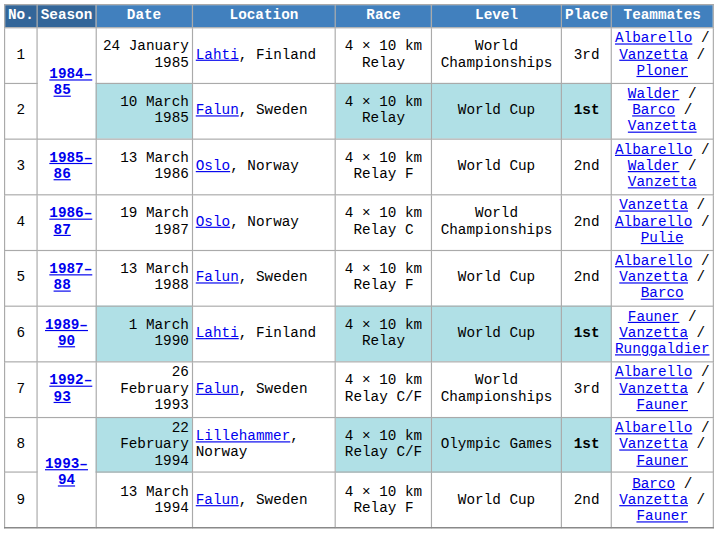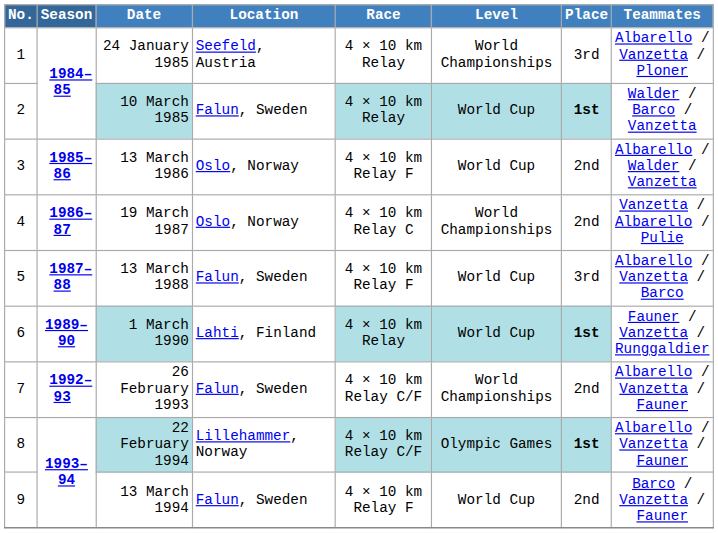 <table class="wikitable sortable" style="font-size:95%; text-align:center; border:grey solid 1px; border-collapse:collapse; background:#ffffff;">
 <tr style="background:#efefef;">
 <th style="background-color:#369; color:white;">No.</th>
 <th style="background-color:#369; color:white;">Season</th>
 <th style="background-color:#4180be; color:white; width:120px;">Date</th>
 <th style="background-color:#4180be; color:white; width:185px;">Location</th>
 <th style="background-color:#4180be; color:white; width:170px;">Race</th>
 <th style="background-color:#4180be; color:white; width:130px;">Level</th>
 <th style="background-color:#4180be; color:white;">Place</th>
 <th style="background-color:#4180be; color:white;">Teammates</th>
 </tr>
 <tr>
 <td align=center>1</td>
 <td rowspan=2 align=center><strong> <a href='#'>1984–85</a> </strong></td>
 <td align=right>24 January 1985</td>
-<td align=left> <a href='#'>Lahti</a>, Finland</td>
+<td align=left> <a href='#'>Seefeld</a>, Austria</td>
 <td>4 × 10 km Relay</td>
 <td>World Championships</td>
 <td>3rd</td>
 <td><a href='#'>Albarello</a> / <a href='#'>Vanzetta</a> / <a href='#'>Ploner</a></td>
 </tr>
 <tr>
 <td align=center>2</td>
 <td bgcolor="#BOEOE6" align=right>10 March 1985</td>
 <td align=left> <a href='#'>Falun</a>, Sweden</td>
 <td bgcolor="#BOEOE6">4 × 10 km Relay</td>
 <td bgcolor="#BOEOE6">World Cup</td>
 <td bgcolor="#BOEOE6"><strong>1st</strong></td>
 <td><a href='#'>Walder</a> / <a href='#'>Barco</a> / <a href='#'>Vanzetta</a></td>
 </tr>
 <tr>
 <td align=center>3</td>
 <td rowspan=1 align=center><strong> <a href='#'>1985–86</a> </strong></td>
 <td align=right>13 March 1986</td>
 <td align=left> <a href='#'>Oslo</a>, Norway</td>
 <td>4 × 10 km Relay F</td>
 <td>World Cup</td>
 <td>2nd</td>
 <td><a href='#'>Albarello</a> /  <a href='#'>Walder</a> / <a href='#'>Vanzetta</a></td>
 </tr>
 <tr>
 <td align=center>4</td>
 <td rowspan=1 align=center><strong> <a href='#'>1986–87</a> </strong></td>
 <td align=right>19 March 1987</td>
 <td align=left> <a href='#'>Oslo</a>, Norway</td>
 <td>4 × 10 km Relay C</td>
 <td>World Championships</td>
 <td>2nd</td>
 <td><a href='#'>Vanzetta</a> / <a href='#'>Albarello</a> / <a href='#'>Pulie</a></td>
 </tr>
 <tr>
 <td align=center>5</td>
 <td rowspan=1 align=center><strong> <a href='#'>1987–88</a> </strong></td>
 <td align=right>13 March 1988</td>
 <td align=left> <a href='#'>Falun</a>, Sweden</td>
 <td>4 × 10 km Relay F</td>
 <td>World Cup</td>
-<td>2nd</td>
+<td>3rd</td>
 <td><a href='#'>Albarello</a> / <a href='#'>Vanzetta</a> / <a href='#'>Barco</a></td>
 </tr>
 <tr>
 <td align=center>6</td>
 <td rowspan=1 align=center><strong><a href='#'>1989–90</a></strong></td>
 <td bgcolor="#BOEOE6" align=right>1 March 1990</td>
 <td align=left> <a href='#'>Lahti</a>, Finland</td>
 <td bgcolor="#BOEOE6">4 × 10 km Relay</td>
 <td bgcolor="#BOEOE6">World Cup</td>
 <td bgcolor="#BOEOE6"><strong>1st</strong></td>
 <td><a href='#'>Fauner</a> / <a href='#'>Vanzetta</a> / <a href='#'>Runggaldier</a></td>
 </tr>
 <tr>
 <td align=center>7</td>
 <td rowspan=1 align=center><strong> <a href='#'>1992–93</a> </strong></td>
 <td align=right>26 February 1993</td>
 <td align=left> <a href='#'>Falun</a>, Sweden</td>
 <td>4 × 10 km Relay C/F</td>
 <td>World Championships</td>
-<td>3rd</td>
+<td>2nd</td>
 <td><a href='#'>Albarello</a> / <a href='#'>Vanzetta</a> / <a href='#'>Fauner</a></td>
 </tr>
 <tr>
 <td align=center>8</td>
 <td rowspan=2 align=center><strong><a href='#'>1993–94</a></strong></td>
 <td bgcolor="#BOEOE6" align=right>22 February 1994</td>
 <td align=left> <a href='#'>Lillehammer</a>, Norway</td>
 <td bgcolor="#BOEOE6">4 × 10 km Relay C/F</td>
 <td bgcolor="#BOEOE6">Olympic Games</td>
 <td bgcolor="#BOEOE6"><strong>1st</strong></td>
 <td><a href='#'>Albarello</a> / <a href='#'>Vanzetta</a> / <a href='#'>Fauner</a></td>
 </tr>
 <tr>
 <td align=center>9</td>
 <td align=right>13 March 1994</td>
 <td align=left> <a href='#'>Falun</a>, Sweden</td>
 <td>4 × 10 km Relay F</td>
 <td>World Cup</td>
 <td>2nd</td>
 <td><a href='#'>Barco</a> / <a href='#'>Vanzetta</a> / <a href='#'>Fauner</a></td>
 </tr>
 <tr>
 </tr>
 </table>
